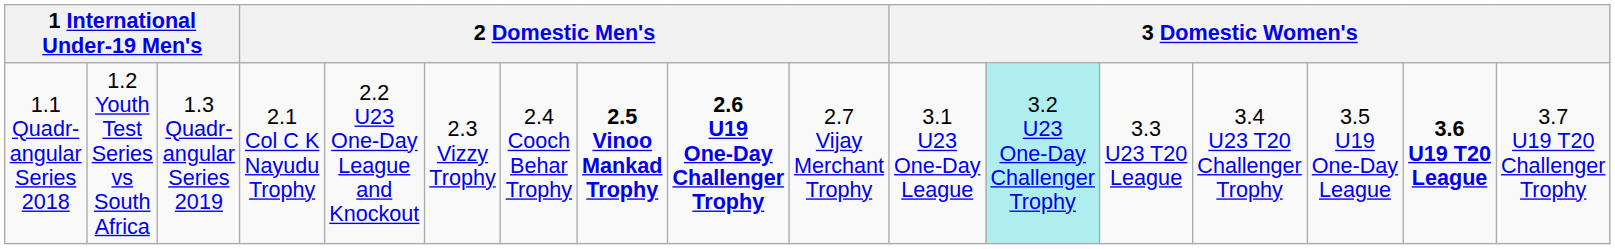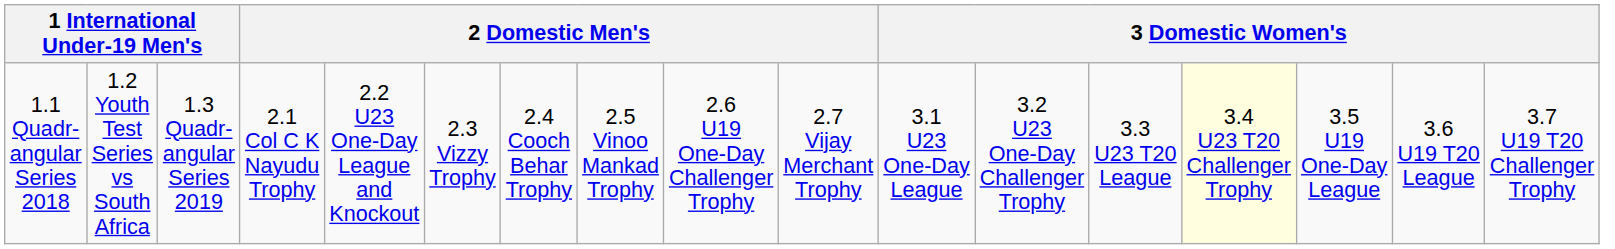 <table class="wikitable collapsible" style="text-align:center; white-space:nowrap;">
 <tr>
 <th colspan=3>1 <a href='#'>International<br>Under-19 Men's</a></th>
 <th colspan=7>2 <a href='#'>Domestic Men's</a></th>
 <th colspan=7>3 <a href='#'>Domestic Women's</a></th>
 </tr>
 <tr>
 <td>1.1<br><a href='#'>Quadr-<br>angular<br>Series<br>2018</a></td>
 <td>1.2<br><a href='#'>Youth<br>Test<br>Series<br>vs<br>South<br>Africa</a></td>
 <td>1.3<br><a href='#'>Quadr-<br>angular<br>Series<br>2019</a></td>
 <td>2.1<br><a href='#'>Col C K<br>Nayudu<br>Trophy</a></td>
 <td>2.2<br><a href='#'>U23<br>One-Day<br>League<br>and<br>Knockout</a></td>
 <td>2.3<br><a href='#'>Vizzy<br>Trophy</a></td>
 <td>2.4<br><a href='#'>Cooch<br>Behar<br>Trophy</a></td>
-<td><strong>2.5<br><a href='#'>Vinoo<br>Mankad<br>Trophy</a></strong></td>
-<td><strong>2.6<br><a href='#'>U19<br>One-Day<br>Challenger<br>Trophy</a></strong></td>
+<td>2.5<br><a href='#'>Vinoo<br>Mankad<br>Trophy</a></td>
+<td>2.6<br><a href='#'>U19<br>One-Day<br>Challenger<br>Trophy</a></td>
 <td>2.7<br><a href='#'>Vijay<br>Merchant<br>Trophy</a></td>
 <td>3.1<br><a href='#'>U23<br>One-Day<br>League</a></td>
-<td style="background: paleturquoise;">3.2<br><a href='#'>U23<br>One-Day<br>Challenger<br>Trophy</a></td>
+<td>3.2<br><a href='#'>U23<br>One-Day<br>Challenger<br>Trophy</a></td>
 <td>3.3<br><a href='#'>U23 T20<br>League</a></td>
-<td>3.4<br><a href='#'>U23 T20<br>Challenger<br>Trophy</a></td>
+<td style="background: lightyellow;">3.4<br><a href='#'>U23 T20<br>Challenger<br>Trophy</a></td>
 <td>3.5<br><a href='#'>U19<br>One-Day<br>League</a></td>
-<td><strong>3.6<br><a href='#'>U19 T20<br>League</a></strong></td>
+<td>3.6<br><a href='#'>U19 T20<br>League</a></td>
 <td>3.7<br><a href='#'>U19 T20<br>Challenger<br>Trophy</a></td>
 </tr>
 </table>
